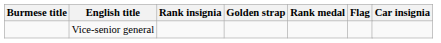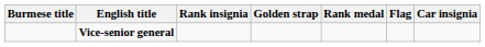 <table class="wikitable">
 <tr style="text-align:center; background:#efefef;">
 <th>Burmese title</th>
 <th>English title</th>
 <th>Rank insignia</th>
 <th>Golden strap <br></th>
 <th>Rank medal <br></th>
 <th colspan=2>Flag </th>
 <th>Car insignia</th>
 </tr>
 <tr style="text-align:center">
 <td></td>
-<td>Vice-senior general</td>
+<td><strong>Vice-senior general</strong></td>
 <td></td>
 <td></td>
 <td></td>
 <td colspan=2></td>
 <td></td>
 </tr>
 </table>
